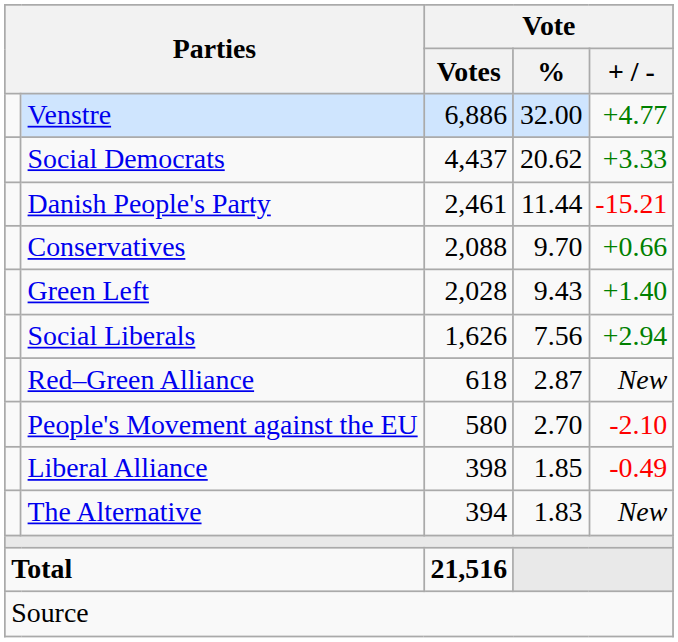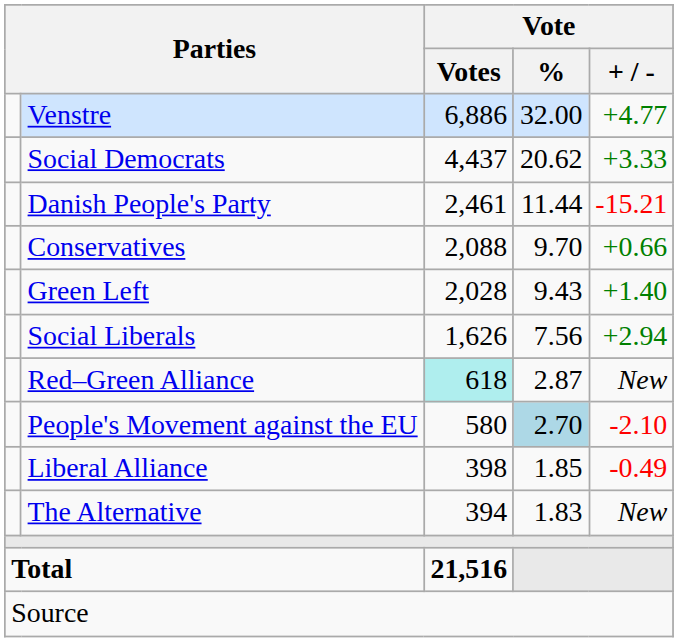 <table class="wikitable" style="text-align:right;">
 <tr>
 <th style="text-align:centre;" rowspan="2" colspan="2" width="225">Parties</th>
 <th colspan="3">Vote</th>
 </tr>
 <tr>
 <th width="15">Votes</th>
 <th width="15">%</th>
 <th width="15">+ / -</th>
 </tr>
 <tr>
 <td width="2" style="color:inherit;background:"></td>
 <td bgcolor=#cfe5fe   align="left"><a href='#'>Venstre</a></td>
 <td bgcolor=#cfe5fe>6,886</td>
 <td bgcolor=#cfe5fe>32.00</td>
 <td style=color:green;>+4.77</td>
 </tr>
 <tr>
 <td width="2" style="color:inherit;background:"></td>
 <td align="left"><a href='#'>Social Democrats</a></td>
 <td>4,437</td>
 <td>20.62</td>
 <td style=color:green;>+3.33</td>
 </tr>
 <tr>
 <td width="2" style="color:inherit;background:"></td>
 <td align="left"><a href='#'>Danish People's Party</a></td>
 <td>2,461</td>
 <td>11.44</td>
 <td style=color:red;>-15.21</td>
 </tr>
 <tr>
 <td width="2" style="color:inherit;background:"></td>
 <td align="left"><a href='#'>Conservatives</a></td>
 <td>2,088</td>
 <td>9.70</td>
 <td style=color:green;>+0.66</td>
 </tr>
 <tr>
 <td width="2" style="color:inherit;background:"></td>
 <td align="left"><a href='#'>Green Left</a></td>
 <td>2,028</td>
 <td>9.43</td>
 <td style=color:green;>+1.40</td>
 </tr>
 <tr>
 <td width="2" style="color:inherit;background:"></td>
 <td align="left"><a href='#'>Social Liberals</a></td>
 <td>1,626</td>
 <td>7.56</td>
 <td style=color:green;>+2.94</td>
 </tr>
 <tr>
 <td width="2" style="color:inherit;background:"></td>
 <td align="left"><a href='#'>Red–Green Alliance</a></td>
-<td>618</td>
+<td style="background: paleturquoise;">618</td>
 <td>2.87</td>
 <td><em>New</em></td>
 </tr>
 <tr>
 <td width="2" style="color:inherit;background:"></td>
 <td align="left"><a href='#'>People's Movement against the EU</a></td>
 <td>580</td>
-<td>2.70</td>
+<td style="background: lightblue;">2.70</td>
 <td style=color:red;>-2.10</td>
 </tr>
 <tr>
 <td width="2" style="color:inherit;background:"></td>
 <td align="left"><a href='#'>Liberal Alliance</a></td>
 <td>398</td>
 <td>1.85</td>
 <td style=color:red;>-0.49</td>
 </tr>
 <tr>
 <td width="2" style="color:inherit;background:"></td>
 <td align="left"><a href='#'>The Alternative</a></td>
 <td>394</td>
 <td>1.83</td>
 <td><em>New</em></td>
 </tr>
 <tr>
 <td colspan="7" bgcolor="#E9E9E9"></td>
 </tr>
 <tr>
 <td align="left" colspan="2"><strong>Total</strong></td>
 <td><strong>21,516</strong></td>
 <td bgcolor="#E9E9E9" colspan="2"></td>
 </tr>
 <tr>
 <td align="left" colspan="6">Source</td>
 </tr>
 </table>
